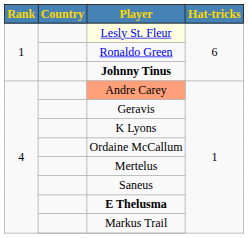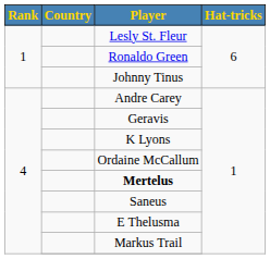 <table class="wikitable" style="text-align:center;">
 <tr>
 <th style="background:steelblue; color:gold; border:1px solid black;">Rank</th>
 <th style="background:steelblue; color:gold; border:1px solid black;">Country</th>
 <th style="background:steelblue; color:gold; border:1px solid black;">Player</th>
 <th style="background:steelblue; color:gold; border:1px solid black;">Hat-tricks</th>
 </tr>
 <tr>
 <td rowspan=3>1</td>
 <td></td>
-<td style="background: lightyellow;"><a href='#'>Lesly St. Fleur</a></td>
+<td><a href='#'>Lesly St. Fleur</a></td>
 <td rowspan=3>6</td>
 </tr>
 <tr>
 <td></td>
 <td><a href='#'>Ronaldo Green</a></td>
 </tr>
 <tr>
 <td></td>
-<td><strong>Johnny Tinus</strong></td>
+<td>Johnny Tinus</td>
 </tr>
 <tr>
 <td rowspan=20>4</td>
 <td></td>
-<td style="background: lightsalmon;">Andre Carey</td>
+<td>Andre Carey</td>
 <td rowspan=20>1</td>
 </tr>
 <tr>
 <td></td>
 <td>Geravis</td>
 </tr>
 <tr>
 <td></td>
 <td>K Lyons</td>
 </tr>
 <tr>
 <td></td>
 <td>Ordaine McCallum</td>
 </tr>
 <tr>
 <td></td>
-<td>Mertelus</td>
+<td><strong>Mertelus</strong></td>
 </tr>
 <tr>
 <td></td>
 <td>Saneus</td>
 </tr>
 <tr>
 <td></td>
-<td><strong>E Thelusma</strong></td>
+<td>E Thelusma</td>
 </tr>
 <tr>
 <td></td>
 <td>Markus Trail</td>
 </tr>
 <tr>
 </tr>
 </table>
